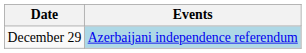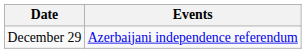 <table class="wikitable">
 <tr>
 <th>Date</th>
 <th>Events</th>
 </tr>
 <tr>
 <td>December 29</td>
-<td style="background: lightblue;"><a href='#'>Azerbaijani independence referendum</a></td>
+<td><a href='#'>Azerbaijani independence referendum</a></td>
 </tr>
 </table>
